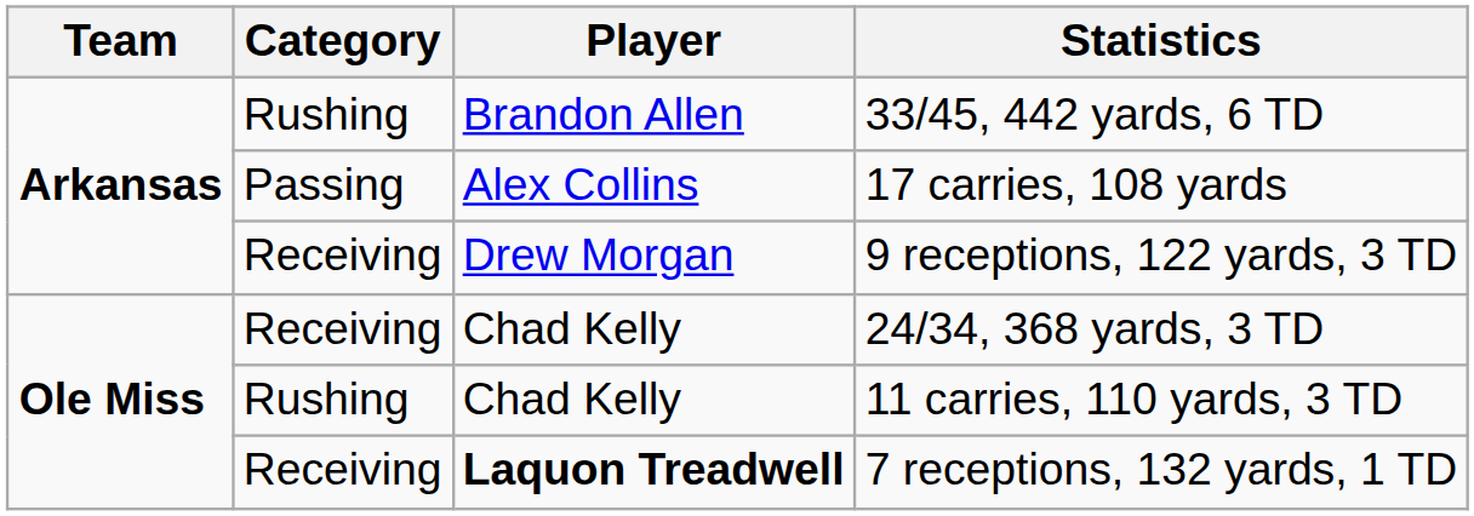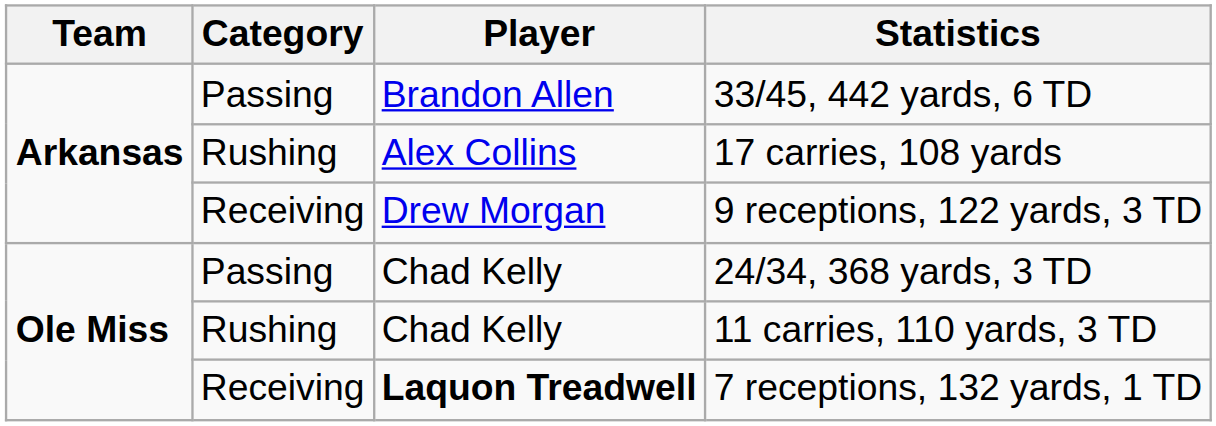 <table class="wikitable" style="float: right;">
 <tr>
 <th>Team</th>
 <th>Category</th>
 <th>Player</th>
 <th>Statistics</th>
 </tr>
 <tr>
 <td rowspan=3><strong>Arkansas</strong></td>
-<td>Rushing</td>
+<td>Passing</td>
 <td><a href='#'>Brandon Allen</a></td>
 <td>33/45, 442 yards, 6 TD</td>
 </tr>
 <tr>
-<td>Passing</td>
+<td>Rushing</td>
 <td><a href='#'>Alex Collins</a></td>
 <td>17 carries, 108 yards</td>
 </tr>
 <tr>
 <td>Receiving</td>
 <td><a href='#'>Drew Morgan</a></td>
 <td>9 receptions, 122 yards, 3 TD</td>
 </tr>
 <tr>
 <td rowspan=3><strong>Ole Miss</strong></td>
-<td>Receiving</td>
+<td>Passing</td>
 <td>Chad Kelly</td>
 <td>24/34, 368 yards, 3 TD</td>
 </tr>
 <tr>
 <td>Rushing</td>
 <td>Chad Kelly</td>
 <td>11 carries, 110 yards, 3 TD</td>
 </tr>
 <tr>
 <td>Receiving</td>
 <td><strong>Laquon Treadwell</strong></td>
 <td>7 receptions, 132 yards, 1 TD</td>
 </tr>
 </table>
